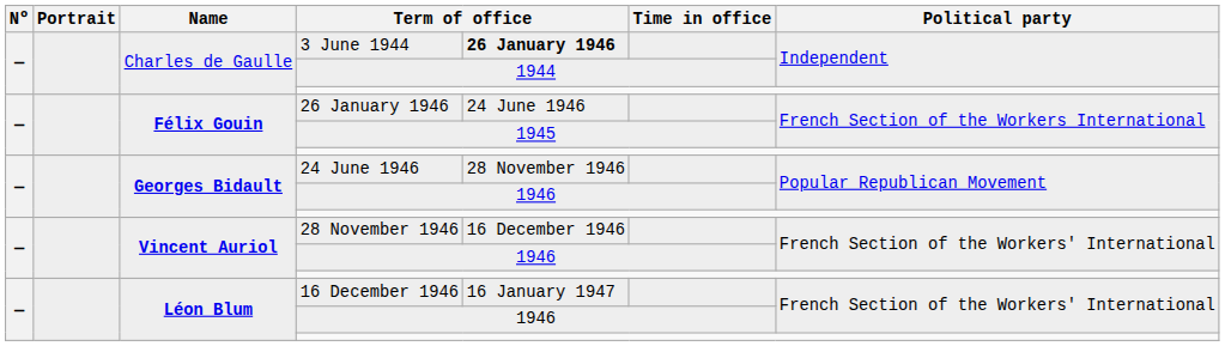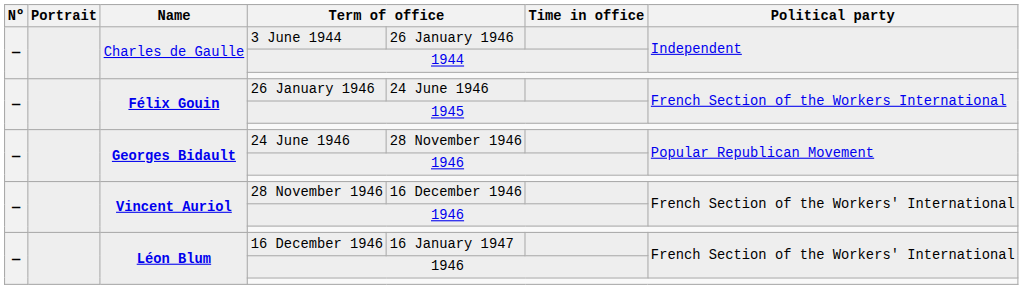 <table class="wikitable">
 <tr ->
 <th>Nº</th>
 <th>Portrait</th>
 <th>Name<br></th>
 <th colspan=2>Term of office</th>
 <th>Time in office</th>
 <th>Political party</th>
 </tr>
 <tr - bgcolor=#EEEEEE>
 <th rowspan=3 style="background:">—</th>
 <td rowspan=3></td>
 <td rowspan=3 align=center><a href='#'>Charles de Gaulle</a><br></td>
 <td>3 June 1944</td>
-<td><strong>26 January 1946</strong></td>
+<td>26 January 1946</td>
 <td></td>
 <td rowspan=2><a href='#'>Independent</a></td>
 </tr>
 <tr - bgcolor=#EEEEEE>
 <td colspan=3 align=center><a href='#'>1944</a></td>
 </tr>
 <tr>
 <td colspan=4></td>
 </tr>
 <tr - bgcolor=#EEEEEE>
 <th rowspan=3 style="background:">—</th>
 <td rowspan=3></td>
 <td rowspan=3 align=center><strong><a href='#'>Félix Gouin</a></strong><br></td>
 <td>26 January 1946</td>
 <td>24 June 1946</td>
 <td></td>
 <td rowspan=2><a href='#'>French Section of the Workers International</a></td>
 </tr>
 <tr - bgcolor=#EEEEEE>
 <td colspan=3 align=center><a href='#'>1945</a></td>
 </tr>
 <tr>
 <td colspan=4></td>
 </tr>
 <tr - bgcolor=#EEEEEE>
 <th rowspan=3 style="background:">—</th>
 <td rowspan=3></td>
 <td rowspan=3 align=center><strong><a href='#'>Georges Bidault</a></strong><br></td>
 <td>24 June 1946</td>
 <td>28 November 1946</td>
 <td></td>
 <td rowspan=2><a href='#'>Popular Republican Movement</a></td>
 </tr>
 <tr - bgcolor=#EEEEEE>
 <td colspan=3 align=center><a href='#'>1946</a></td>
 </tr>
 <tr>
 <td colspan=4></td>
 </tr>
 <tr - bgcolor=#EEEEEE>
 <th rowspan=3 style="background:">—</th>
 <td rowspan=3></td>
 <td rowspan=3 align=center><strong><a href='#'>Vincent Auriol</a></strong><br></td>
 <td>28 November 1946</td>
 <td>16 December 1946</td>
 <td></td>
 <td rowspan=2>French Section of the Workers' International</td>
 </tr>
 <tr - bgcolor=#EEEEEE>
 <td colspan=3 align=center><a href='#'>1946</a></td>
 </tr>
 <tr>
 <td colspan=4></td>
 </tr>
 <tr -- bgcolor=#EEEEEE>
 <th rowspan=3 style="background:">—</th>
 <td rowspan=3></td>
 <td rowspan=3 align=center><strong><a href='#'>Léon Blum</a></strong><br></td>
 <td>16 December 1946</td>
 <td>16 January 1947</td>
 <td></td>
 <td rowspan=2>French Section of the Workers' International</td>
 </tr>
 <tr - bgcolor=#EEEEEE>
 <td colspan=3 align=center>1946</td>
 </tr>
 <tr>
 <td colspan=4></td>
 </tr>
 </table>
